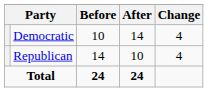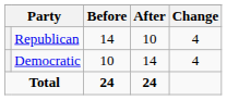 <table class="wikitable" style="text-align:center;">
 <tr>
 </tr>
 <tr>
 <th colspan=2>Party</th>
 <th>Before</th>
 <th>After</th>
 <th>Change</th>
 </tr>
 <tr>
 <th style="background-color:"></th>
-<td style="text-align:left;"><a href='#'>Democratic</a></td>
+<td style="text-align:left;"><a href='#'>Republican</a></td>
+<td>14</td>
 <td>10</td>
-<td>14</td>
 <td> 4</td>
 </tr>
 <tr>
 <th style="background-color:"></th>
-<td style="text-align:left;"><a href='#'>Republican</a></td>
+<td style="text-align:left;"><a href='#'>Democratic</a></td>
+<td>10</td>
 <td>14</td>
-<td>10</td>
 <td> 4</td>
 </tr>
 <tr>
 <td colspan=2><strong>Total</strong></td>
 <td><strong>24</strong></td>
 <td><strong>24</strong></td>
 <td></td>
 </tr>
 </table>
